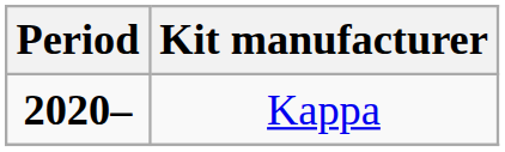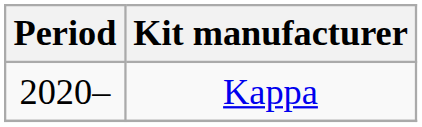 <table class="wikitable" style="text-align: center">
 <tr>
 <th>Period</th>
 <th>Kit manufacturer</th>
 </tr>
 <tr>
-<td><strong>2020–</strong></td>
+<td>2020–</td>
 <td><a href='#'>Kappa</a></td>
 </tr>
 <tr>
 </tr>
 </table>
